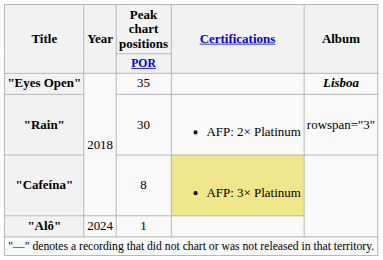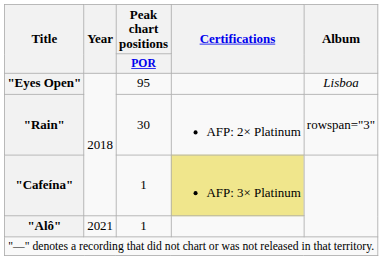 <table class="wikitable plainrowheaders" style="text-align:center;">
 <tr>
 <th scope="col" rowspan="2">Title</th>
 <th scope="col" rowspan="2">Year</th>
 <th scope="col">Peak chart positions</th>
 <th scope="col" rowspan="2"><a href='#'>Certifications</a></th>
 <th scope="col" rowspan="2">Album</th>
 </tr>
 <tr>
 <th scope="col" style="width:2.5em;font-size:90%;"><a href='#'>POR</a><br></th>
 </tr>
 <tr>
 <th scope="row">"Eyes Open"<br></th>
 <td rowspan="3">2018</td>
-<td>35</td>
+<td>95</td>
 <td></td>
-<td><strong><em>Lisboa</em></strong></td>
+<td><em>Lisboa</em></td>
 </tr>
 <tr>
 <th scope="row">"Rain"<br></th>
 <td>30</td>
 <td><br><ul><li>AFP: 2× Platinum</li></ul></td>
 <td>rowspan="3" </td>
 </tr>
 <tr>
 <th scope="row">"Cafeína"<br></th>
-<td>8</td>
+<td>1</td>
 <td style="background: khaki;"><br><ul><li>AFP: 3× Platinum</li></ul></td>
 </tr>
 <tr>
 <th scope="row">"Alô"<br></th>
-<td>2024</td>
+<td>2021</td>
 <td>1</td>
 <td></td>
 </tr>
 <tr>
 <td colspan="5" style="font-size:90%">"—" denotes a recording that did not chart or was not released in that territory.</td>
 </tr>
 </table>
